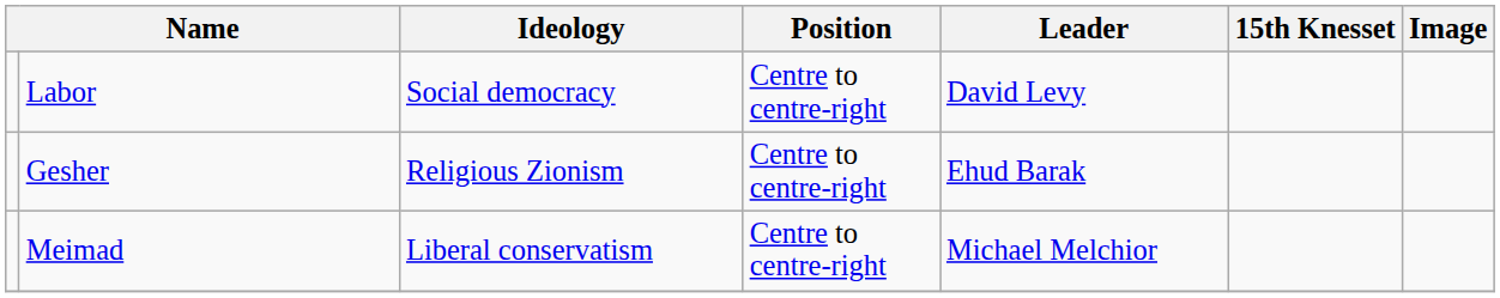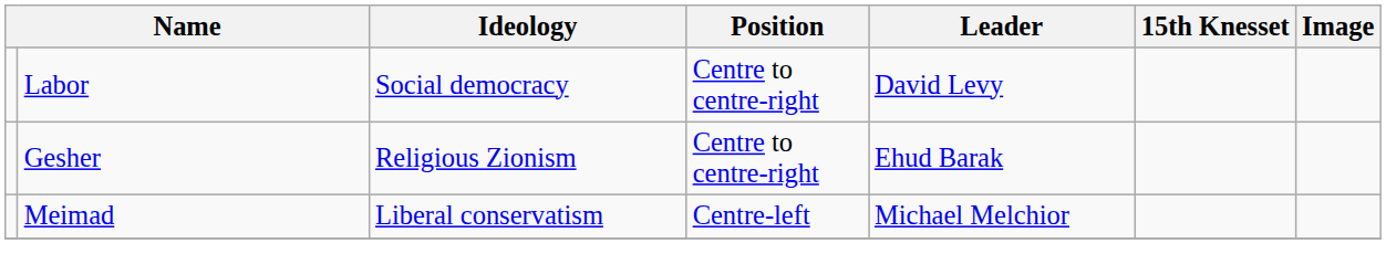 <table class="wikitable">
 <tr>
 <th colspan=2>Name</th>
 <th>Ideology</th>
 <th>Position</th>
 <th>Leader</th>
 <th>15th Knesset</th>
 <th>Image</th>
 </tr>
 <tr>
 <td style="background: "></td>
 <td style="width:200px"><a href='#'>Labor</a></td>
 <td style="width:180px"><a href='#'>Social democracy</a></td>
 <td style="width:100px"><a href='#'>Centre</a> to <a href='#'>centre-right</a></td>
 <td style="width:150px"><a href='#'>David Levy</a></td>
 <td></td>
 <td></td>
 </tr>
 <tr>
 <td style="background: "></td>
 <td style="width:200px"><a href='#'>Gesher</a></td>
 <td style="width:180px"><a href='#'>Religious Zionism</a></td>
 <td style="width:100px"><a href='#'>Centre</a> to <a href='#'>centre-right</a></td>
 <td style="width:150px"><a href='#'>Ehud Barak</a></td>
 <td></td>
 <td></td>
 </tr>
 <tr>
 <td style="background: "></td>
 <td style="width:200px"><a href='#'>Meimad</a></td>
 <td style="width:180px"><a href='#'>Liberal conservatism</a></td>
-<td style="width:100px"><a href='#'>Centre</a> to <a href='#'>centre-right</a></td>
+<td style="width:100px"><a href='#'>Centre-left</a></td>
 <td style="width:150px"><a href='#'>Michael Melchior</a></td>
 <td></td>
 <td></td>
 </tr>
 <tr>
 </tr>
 </table>
